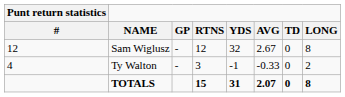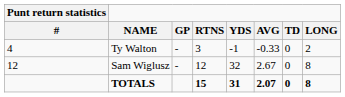 <table class="wikitable collapsible">
 <tr>
 <th style="text-align:center; ">Punt return statistics</th>
 </tr>
 <tr>
 <th>#</th>
 <th>NAME</th>
 <th>GP</th>
 <th>RTNS</th>
 <th>YDS</th>
 <th>AVG</th>
 <th>TD</th>
 <th>LONG</th>
 </tr>
 <tr>
+<td>4</td>
+<td>Ty Walton</td>
+<td>-</td>
+<td>3</td>
+<td>-1</td>
+<td>-0.33</td>
+<td>0</td>
+<td>2</td>
+</tr>
+<tr>
 <td>12</td>
 <td>Sam Wiglusz</td>
 <td>-</td>
 <td>12</td>
 <td>32</td>
 <td>2.67</td>
 <td>0</td>
 <td>8</td>
-</tr>
-<tr>
-<td>4</td>
-<td>Ty Walton</td>
-<td>-</td>
-<td>3</td>
-<td>-1</td>
-<td>-0.33</td>
-<td>0</td>
-<td>2</td>
 </tr>
 <tr>
 <td></td>
 <td><strong>TOTALS</strong></td>
 <td></td>
 <td><strong>15</strong></td>
 <td><strong>31</strong></td>
 <td><strong>2.07</strong></td>
 <td><strong>0</strong></td>
 <td><strong>8</strong></td>
 </tr>
 </table>
